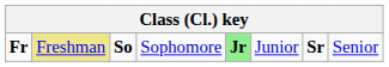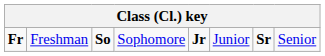 <table class="wikitable">
 <tr>
 <th colspan=8>Class (Cl.) key</th>
 </tr>
 <tr>
 <td><strong>Fr</strong></td>
-<td style="background: khaki;"><a href='#'>Freshman</a></td>
+<td><a href='#'>Freshman</a></td>
 <td><strong>So</strong></td>
 <td><a href='#'>Sophomore</a></td>
-<td style="background: lightgreen;"><strong>Jr</strong></td>
+<td><strong>Jr</strong></td>
 <td><a href='#'>Junior</a></td>
 <td><strong>Sr</strong></td>
 <td><a href='#'>Senior</a></td>
 </tr>
 </table>
